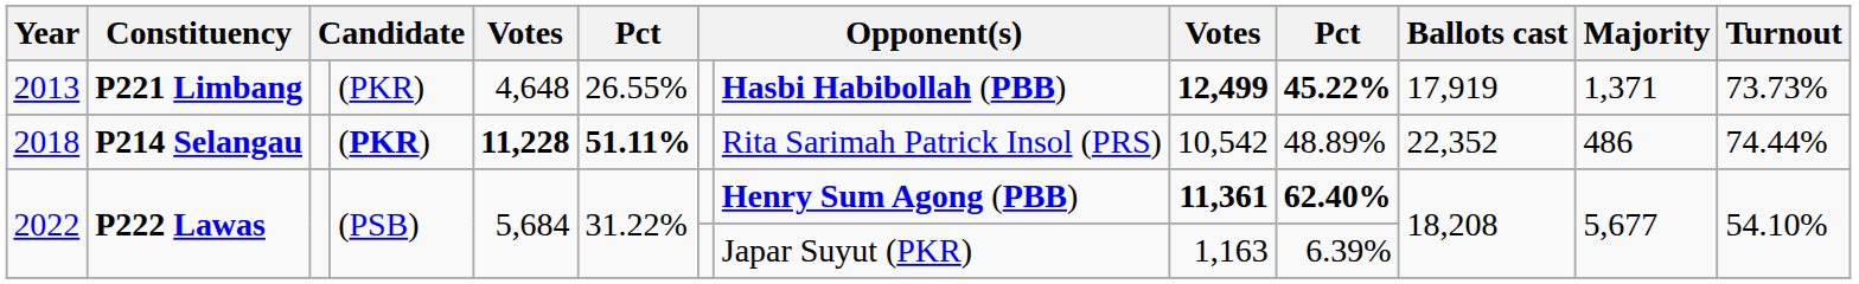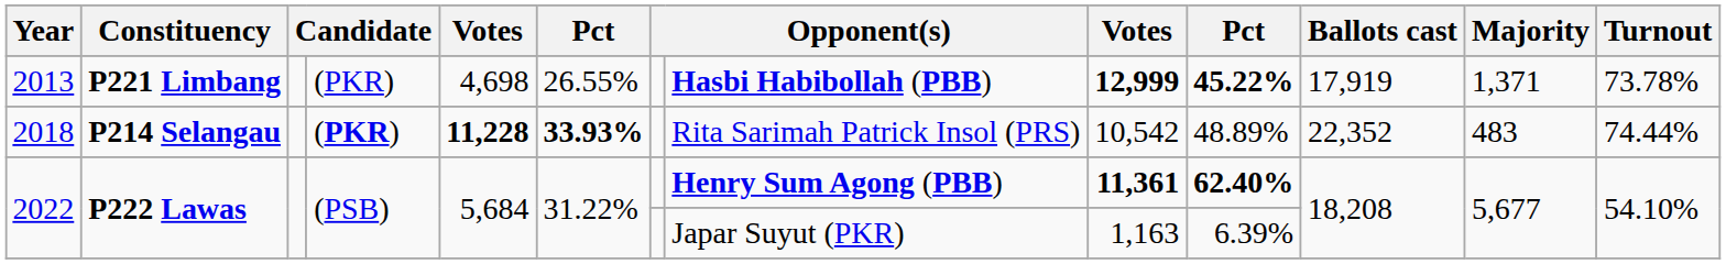 <table class="wikitable" style="margin:0.5em ; font-size:95%">
 <tr>
 <th>Year</th>
 <th>Constituency</th>
 <th colspan=2>Candidate</th>
 <th>Votes</th>
 <th>Pct</th>
 <th colspan=2>Opponent(s)</th>
 <th>Votes</th>
 <th>Pct</th>
 <th>Ballots cast</th>
 <th>Majority</th>
 <th>Turnout</th>
 </tr>
 <tr>
 <td><a href='#'>2013</a></td>
 <td><strong>P221 <a href='#'>Limbang</a></strong></td>
 <td></td>
 <td> (<a href='#'>PKR</a>)</td>
-<td align="right">4,648</td>
+<td align="right">4,698</td>
 <td>26.55%</td>
 <td></td>
 <td><strong><a href='#'>Hasbi Habibollah</a></strong> (<a href='#'><strong>PBB</strong></a>)</td>
-<td align="right"><strong>12,499</strong></td>
+<td align="right"><strong>12,999</strong></td>
 <td><strong>45.22%</strong></td>
 <td>17,919</td>
 <td>1,371</td>
-<td>73.73%</td>
+<td>73.78%</td>
 </tr>
 <tr>
 <td><a href='#'>2018</a></td>
 <td><strong>P214 <a href='#'>Selangau</a></strong></td>
 <td></td>
 <td> (<a href='#'><strong>PKR</strong></a>)</td>
 <td align="right"><strong>11,228</strong></td>
-<td><strong>51.11%</strong></td>
+<td><strong>33.93%</strong></td>
 <td></td>
 <td><a href='#'>Rita Sarimah Patrick Insol</a> (<a href='#'>PRS</a>)</td>
 <td align="right">10,542</td>
 <td>48.89%</td>
 <td>22,352</td>
-<td>486</td>
+<td>483</td>
 <td>74.44%</td>
 </tr>
 <tr>
 <td rowspan="2"><a href='#'>2022</a></td>
 <td rowspan="2"><strong>P222 <a href='#'>Lawas</a></strong></td>
 <td rowspan="2"></td>
 <td rowspan="2"> (<a href='#'>PSB</a>)</td>
 <td rowspan="2" align="right">5,684</td>
 <td rowspan="2">31.22%</td>
 <td></td>
 <td><strong><a href='#'>Henry Sum Agong</a></strong> (<a href='#'><strong>PBB</strong></a>)</td>
 <td align="right"><strong>11,361</strong></td>
 <td><strong>62.40%</strong></td>
 <td rowspan="2">18,208</td>
 <td rowspan="2">5,677</td>
 <td rowspan="2">54.10%</td>
 </tr>
 <tr>
 <td></td>
 <td>Japar Suyut (<a href='#'>PKR</a>)</td>
 <td align="right">1,163</td>
 <td align="right">6.39%</td>
 </tr>
 </table>
